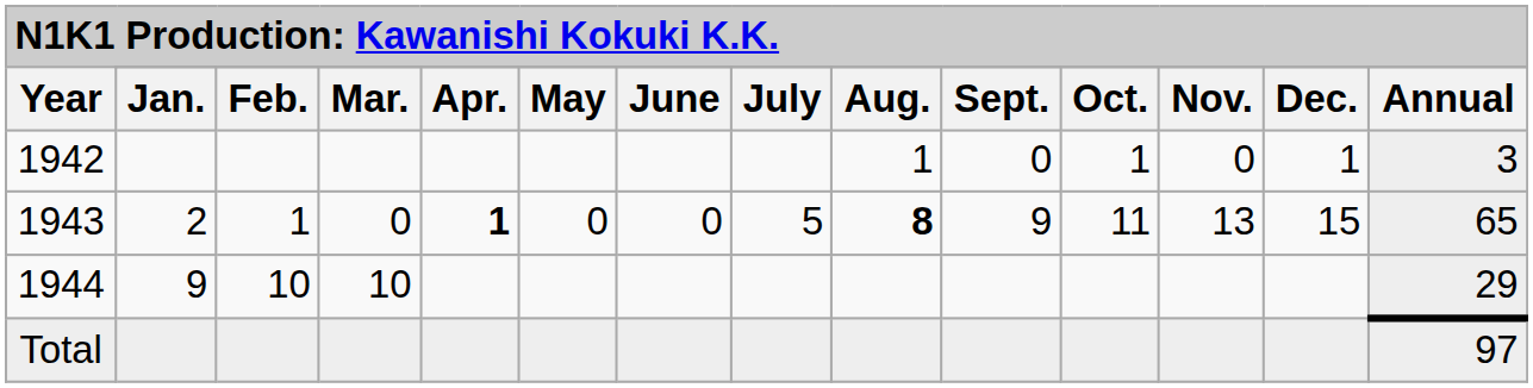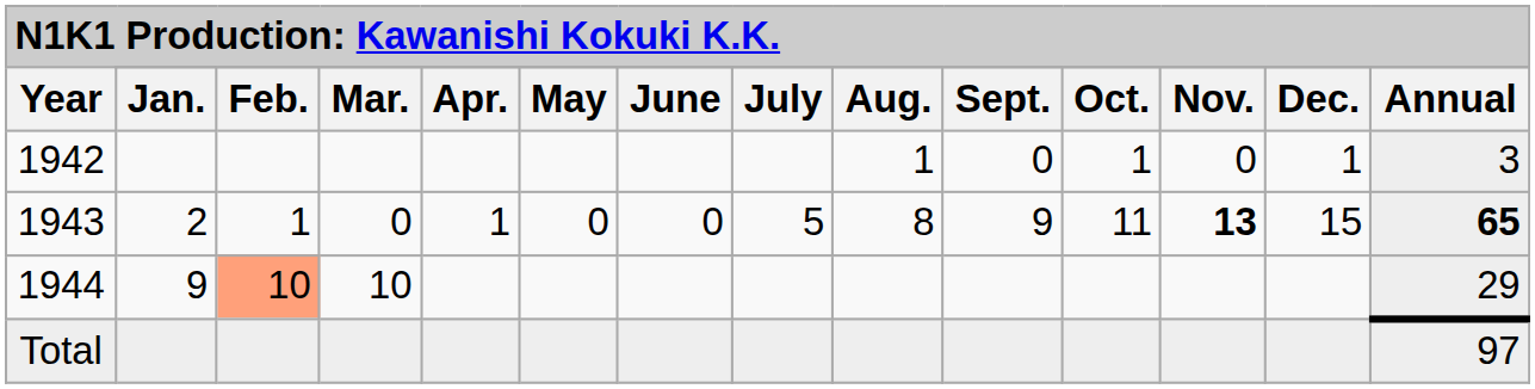 <table class="wikitable" style="text-align: right; width: 100%">
 <tr>
 <td style="background:#ccc" ; colspan="14" ; align="left"><strong>N1K1 Production: <a href='#'>Kawanishi Kokuki K.K.</a></strong></td>
 </tr>
 <tr>
 <th rowspan=2>Year</th>
 </tr>
 <tr>
 <th>Jan.</th>
 <th>Feb.</th>
 <th>Mar.</th>
 <th>Apr.</th>
 <th>May</th>
 <th>June</th>
 <th>July</th>
 <th>Aug.</th>
 <th>Sept.</th>
 <th>Oct.</th>
 <th>Nov.</th>
 <th>Dec.</th>
 <th>Annual</th>
 </tr>
 <tr>
 <td style="text-align:center">1942</td>
 <td></td>
 <td></td>
 <td></td>
 <td></td>
 <td></td>
 <td></td>
 <td></td>
 <td>1</td>
 <td>0</td>
 <td>1</td>
 <td>0</td>
 <td>1</td>
 <td style="background: #eee;">3</td>
 </tr>
 <tr>
 <td style="text-align:center">1943</td>
 <td>2</td>
 <td>1</td>
 <td>0</td>
-<td><strong>1</strong></td>
+<td>1</td>
 <td>0</td>
 <td>0</td>
 <td>5</td>
-<td><strong>8</strong></td>
+<td>8</td>
 <td>9</td>
 <td>11</td>
-<td>13</td>
+<td><strong>13</strong></td>
 <td>15</td>
-<td style="background: #eee;">65</td>
+<td style="background: #eee;"><strong>65</strong></td>
 </tr>
 <tr>
 <td style="text-align:center">1944</td>
 <td>9</td>
-<td>10</td>
+<td style="background: lightsalmon;">10</td>
 <td>10</td>
 <td></td>
 <td></td>
 <td></td>
 <td></td>
 <td></td>
 <td></td>
 <td></td>
 <td></td>
 <td></td>
 <td style="background: #eee;">29</td>
 </tr>
 <tr style="background: #eee;">
 <td style="text-align:center">Total</td>
 <td></td>
 <td></td>
 <td></td>
 <td></td>
 <td></td>
 <td></td>
 <td></td>
 <td></td>
 <td></td>
 <td></td>
 <td></td>
 <td></td>
 <td style="border-top: black solid">97</td>
 </tr>
 </table>
